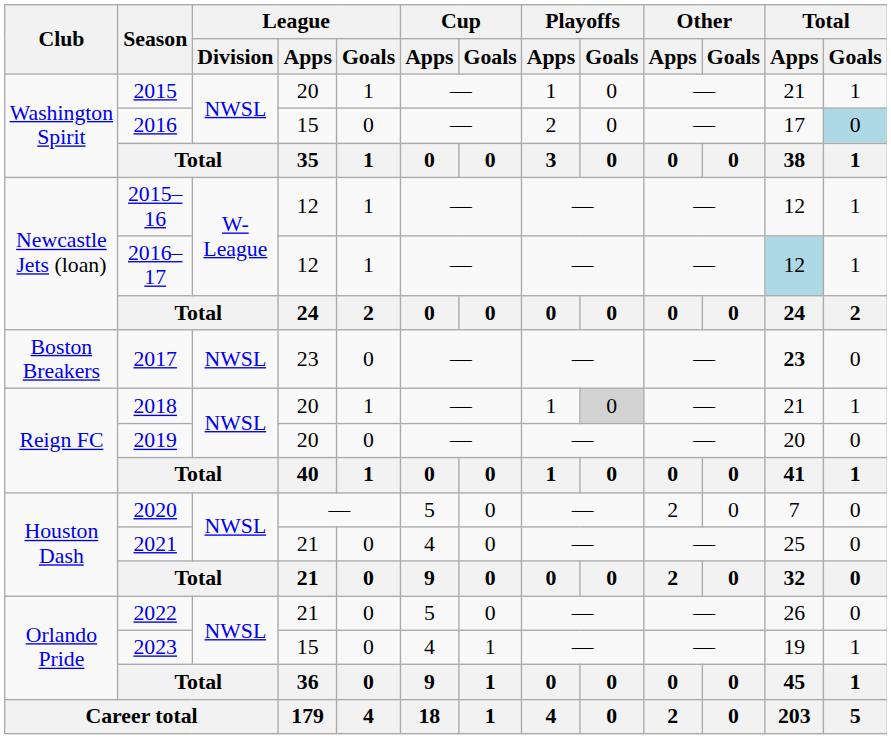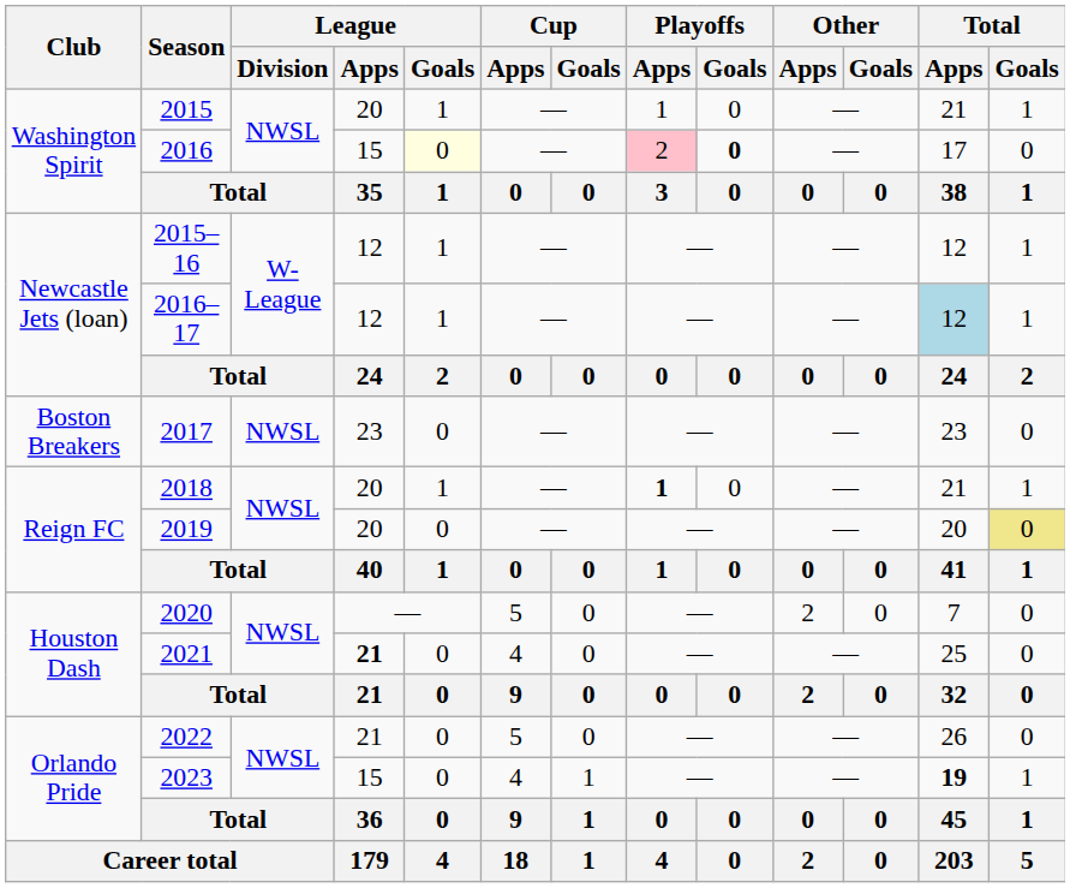 <table class="wikitable" style="text-align: center;">
 <tr>
 <th rowspan="2">Club</th>
 <th rowspan="2">Season</th>
 <th colspan="3">League</th>
 <th colspan="2">Cup</th>
 <th colspan="2">Playoffs</th>
 <th colspan="2">Other</th>
 <th colspan="2">Total</th>
 </tr>
 <tr>
 <th>Division</th>
 <th>Apps</th>
 <th>Goals</th>
 <th>Apps</th>
 <th>Goals</th>
 <th>Apps</th>
 <th>Goals</th>
 <th>Apps</th>
 <th>Goals</th>
 <th>Apps</th>
 <th>Goals</th>
 </tr>
 <tr>
 <td rowspan="3"><a href='#'>Washington Spirit</a></td>
 <td><a href='#'>2015</a></td>
 <td rowspan="2"><a href='#'>NWSL</a></td>
 <td>20</td>
 <td>1</td>
 <td colspan="2">—</td>
 <td>1</td>
 <td>0</td>
 <td colspan="2">—</td>
 <td>21</td>
 <td>1</td>
 </tr>
 <tr>
 <td><a href='#'>2016</a></td>
 <td>15</td>
-<td>0</td>
+<td style="background: lightyellow;">0</td>
 <td colspan="2">—</td>
-<td>2</td>
-<td>0</td>
+<td style="background: pink;">2</td>
+<td><strong>0</strong></td>
 <td colspan="2">—</td>
 <td>17</td>
-<td style="background: lightblue;">0</td>
+<td>0</td>
 </tr>
 <tr>
 <th colspan="2">Total</th>
 <th>35</th>
 <th>1</th>
 <th>0</th>
 <th>0</th>
 <th>3</th>
 <th>0</th>
 <th>0</th>
 <th>0</th>
 <th>38</th>
 <th>1</th>
 </tr>
 <tr>
 <td rowspan="3"><a href='#'>Newcastle Jets</a> (loan)</td>
 <td><a href='#'>2015–16</a></td>
 <td rowspan="2"><a href='#'>W-League</a></td>
 <td>12</td>
 <td>1</td>
 <td colspan="2">—</td>
 <td colspan="2">—</td>
 <td colspan="2">—</td>
 <td>12</td>
 <td>1</td>
 </tr>
 <tr>
 <td><a href='#'>2016–17</a></td>
 <td>12</td>
 <td>1</td>
 <td colspan="2">—</td>
 <td colspan="2">—</td>
 <td colspan="2">—</td>
 <td style="background: lightblue;">12</td>
 <td>1</td>
 </tr>
 <tr>
 <th colspan="2">Total</th>
 <th>24</th>
 <th>2</th>
 <th>0</th>
 <th>0</th>
 <th>0</th>
 <th>0</th>
 <th>0</th>
 <th>0</th>
 <th>24</th>
 <th>2</th>
 </tr>
 <tr>
 <td><a href='#'>Boston Breakers</a></td>
 <td><a href='#'>2017</a></td>
 <td><a href='#'>NWSL</a></td>
 <td>23</td>
 <td>0</td>
 <td colspan="2">—</td>
 <td colspan="2">—</td>
 <td colspan="2">—</td>
-<td><strong>23</strong></td>
+<td>23</td>
 <td>0</td>
 </tr>
 <tr>
 <td rowspan="3"><a href='#'>Reign FC</a></td>
 <td><a href='#'>2018</a></td>
 <td rowspan="2"><a href='#'>NWSL</a></td>
 <td>20</td>
 <td>1</td>
 <td colspan="2">—</td>
-<td>1</td>
-<td style="background: lightgrey;">0</td>
+<td><strong>1</strong></td>
+<td>0</td>
 <td colspan="2">—</td>
 <td>21</td>
 <td>1</td>
 </tr>
 <tr>
 <td><a href='#'>2019</a></td>
 <td>20</td>
 <td>0</td>
 <td colspan="2">—</td>
 <td colspan="2">—</td>
 <td colspan="2">—</td>
 <td>20</td>
-<td>0</td>
+<td style="background: khaki;">0</td>
 </tr>
 <tr>
 <th colspan="2">Total</th>
 <th>40</th>
 <th>1</th>
 <th>0</th>
 <th>0</th>
 <th>1</th>
 <th>0</th>
 <th>0</th>
 <th>0</th>
 <th>41</th>
 <th>1</th>
 </tr>
 <tr>
 <td rowspan="3"><a href='#'>Houston Dash</a></td>
 <td><a href='#'>2020</a></td>
 <td rowspan="2"><a href='#'>NWSL</a></td>
 <td colspan="2">—</td>
 <td>5</td>
 <td>0</td>
 <td colspan="2">—</td>
 <td>2</td>
 <td>0</td>
 <td>7</td>
 <td>0</td>
 </tr>
 <tr>
 <td><a href='#'>2021</a></td>
-<td>21</td>
+<td><strong>21</strong></td>
 <td>0</td>
 <td>4</td>
 <td>0</td>
 <td colspan="2">—</td>
 <td colspan="2">—</td>
 <td>25</td>
 <td>0</td>
 </tr>
 <tr>
 <th colspan="2">Total</th>
 <th>21</th>
 <th>0</th>
 <th>9</th>
 <th>0</th>
 <th>0</th>
 <th>0</th>
 <th>2</th>
 <th>0</th>
 <th>32</th>
 <th>0</th>
 </tr>
 <tr>
 <td rowspan="3"><a href='#'>Orlando Pride</a></td>
 <td><a href='#'>2022</a></td>
 <td rowspan="2"><a href='#'>NWSL</a></td>
 <td>21</td>
 <td>0</td>
 <td>5</td>
 <td>0</td>
 <td colspan="2">—</td>
 <td colspan="2">—</td>
 <td>26</td>
 <td>0</td>
 </tr>
 <tr>
 <td><a href='#'>2023</a></td>
 <td>15</td>
 <td>0</td>
 <td>4</td>
 <td>1</td>
 <td colspan="2">—</td>
 <td colspan="2">—</td>
-<td>19</td>
+<td><strong>19</strong></td>
 <td>1</td>
 </tr>
 <tr>
 <th colspan="2">Total</th>
 <th>36</th>
 <th>0</th>
 <th>9</th>
 <th>1</th>
 <th>0</th>
 <th>0</th>
 <th>0</th>
 <th>0</th>
 <th>45</th>
 <th>1</th>
 </tr>
 <tr>
 <th colspan="3">Career total</th>
 <th>179</th>
 <th>4</th>
 <th>18</th>
 <th>1</th>
 <th>4</th>
 <th>0</th>
 <th>2</th>
 <th>0</th>
 <th>203</th>
 <th>5</th>
 </tr>
 </table>
